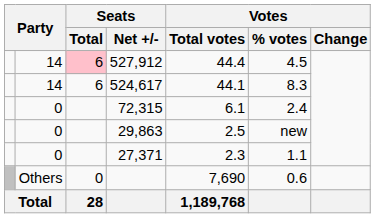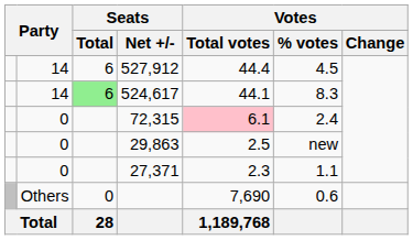 <table class="wikitable" style="text-align:right; font-size:95%;">
 <tr>
 <th colspan="2" rowspan="2">Party</th>
 <th colspan="2">Seats</th>
 <th colspan="3">Votes</th>
 </tr>
 <tr>
 <th>Total</th>
 <th>Net +/-</th>
 <th>Total votes</th>
 <th>% votes</th>
 <th>Change</th>
 </tr>
 <tr>
 <td></td>
 <td>14</td>
-<td style="background: pink;">6</td>
+<td>6</td>
 <td>527,912</td>
 <td>44.4</td>
 <td>4.5</td>
 </tr>
 <tr>
 <td></td>
 <td>14</td>
-<td>6</td>
+<td style="background: lightgreen;">6</td>
 <td>524,617</td>
 <td>44.1</td>
 <td>8.3</td>
 </tr>
 <tr>
 <td></td>
 <td>0</td>
 <td></td>
 <td>72,315</td>
-<td>6.1</td>
+<td style="background: pink;">6.1</td>
 <td>2.4</td>
 </tr>
 <tr>
 <td></td>
 <td>0</td>
 <td></td>
 <td>29,863</td>
 <td>2.5</td>
 <td>new</td>
 </tr>
 <tr>
 <td></td>
 <td>0</td>
 <td></td>
 <td>27,371</td>
 <td>2.3</td>
 <td>1.1</td>
 </tr>
 <tr>
 <td style="background:silver;"> </td>
 <td align=left>Others</td>
 <td>0</td>
 <td></td>
 <td>7,690</td>
 <td>0.6</td>
 <td></td>
 </tr>
 <tr>
 <th colspan="2" style="background:#f2f2f2">Total</th>
 <td style="background:#f2f2f2;"><strong>28</strong></td>
 <td style="background:#f2f2f2;"></td>
 <td style="background:#f2f2f2;"><strong>1,189,768</strong></td>
 <td style="background:#f2f2f2;"></td>
 <td style="background:#f2f2f2;"></td>
 </tr>
 </table>
